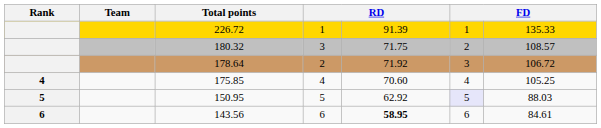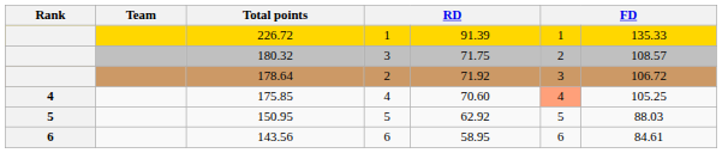 <table class="wikitable sortable" style="text-align:center;" width="70%">
 <tr>
 <th scope="col">Rank</th>
 <th scope="col">Team</th>
 <th scope="col">Total points</th>
 <th scope="col" colspan="2" width="80px"><a href='#'>RD</a></th>
 <th scope="col" colspan="2" width="80px"><a href='#'>FD</a></th>
 </tr>
 <tr bgcolor="gold">
 <th scope="row"></th>
 <td align="left"></td>
 <td>226.72</td>
 <td>1</td>
 <td>91.39</td>
 <td>1</td>
 <td>135.33</td>
 </tr>
 <tr bgcolor="silver">
 <th scope="row"></th>
 <td align="left"></td>
 <td>180.32</td>
 <td>3</td>
 <td>71.75</td>
 <td>2</td>
 <td>108.57</td>
 </tr>
 <tr bgcolor="cc9966">
 <th scope="row"></th>
 <td align="left"></td>
 <td>178.64</td>
 <td>2</td>
 <td>71.92</td>
 <td>3</td>
 <td>106.72</td>
 </tr>
 <tr>
 <th scope="row">4</th>
 <td align="left"></td>
 <td>175.85</td>
 <td>4</td>
 <td>70.60</td>
-<td>4</td>
+<td style="background: lightsalmon;">4</td>
 <td>105.25</td>
 </tr>
 <tr>
 <th scope="row">5</th>
 <td align="left"></td>
 <td>150.95</td>
 <td>5</td>
 <td>62.92</td>
-<td style="background: lavender;">5</td>
+<td>5</td>
 <td>88.03</td>
 </tr>
 <tr>
 <th scope="row">6</th>
 <td align="left"></td>
 <td>143.56</td>
 <td>6</td>
-<td><strong>58.95</strong></td>
+<td>58.95</td>
 <td>6</td>
 <td>84.61</td>
 </tr>
 </table>
